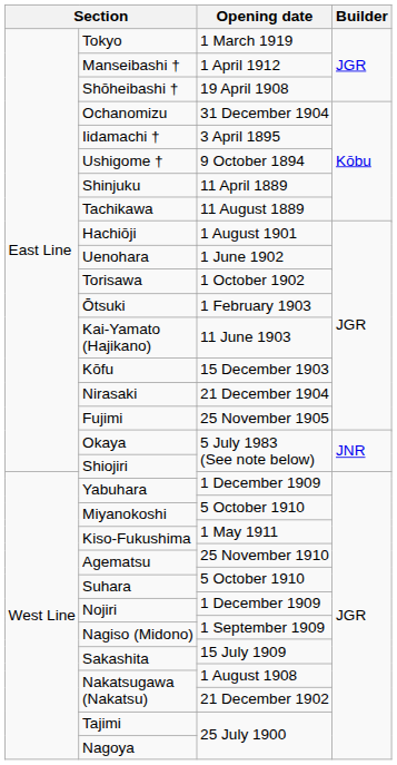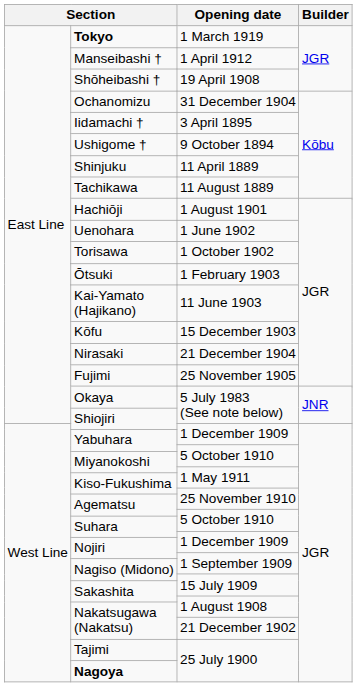 <table class=wikitable>
 <tr>
 <th colspan=2>Section</th>
 <th>Opening date</th>
 <th>Builder</th>
 </tr>
 <tr>
 <td rowspan=34>East Line</td>
-<td>Tokyo</td>
+<td><strong>Tokyo</strong></td>
 <td rowspan=2>1 March 1919</td>
 <td rowspan=6><a href='#'>JGR</a></td>
 </tr>
 <tr>
 <td rowspan=2>Manseibashi †</td>
 </tr>
 <tr>
 <td rowspan=2>1 April 1912</td>
 </tr>
 <tr>
 <td rowspan=2>Shōheibashi †</td>
 </tr>
 <tr>
 <td rowspan=2>19 April 1908</td>
 </tr>
 <tr>
 <td rowspan=2>Ochanomizu</td>
 </tr>
 <tr>
 <td rowspan=2>31 December 1904</td>
 <td rowspan=10><a href='#'>Kōbu</a></td>
 </tr>
 <tr>
 <td rowspan=2>Iidamachi †</td>
 </tr>
 <tr>
 <td rowspan=2>3 April 1895</td>
 </tr>
 <tr>
 <td rowspan=2>Ushigome †</td>
 </tr>
 <tr>
 <td rowspan=2>9 October 1894</td>
 </tr>
 <tr>
 <td rowspan=2>Shinjuku</td>
 </tr>
 <tr>
 <td rowspan=2>11 April 1889</td>
 </tr>
 <tr>
 <td rowspan=2>Tachikawa</td>
 </tr>
 <tr>
 <td rowspan=2>11 August 1889</td>
 </tr>
 <tr>
 <td rowspan=2>Hachiōji</td>
 </tr>
 <tr>
 <td rowspan=2>1 August 1901</td>
 <td rowspan=16>JGR</td>
 </tr>
 <tr>
 <td rowspan=2>Uenohara</td>
 </tr>
 <tr>
 <td rowspan=2>1 June 1902</td>
 </tr>
 <tr>
 <td rowspan=2>Torisawa</td>
 </tr>
 <tr>
 <td rowspan=2>1 October 1902</td>
 </tr>
 <tr>
 <td rowspan=2>Ōtsuki</td>
 </tr>
 <tr>
 <td rowspan=2>1 February 1903</td>
 </tr>
 <tr>
 <td rowspan=2>Kai-Yamato<br>(Hajikano)</td>
 </tr>
 <tr>
 <td rowspan=2>11 June 1903</td>
 </tr>
 <tr>
 <td rowspan=2>Kōfu</td>
 </tr>
 <tr>
 <td rowspan=2>15 December 1903</td>
 </tr>
 <tr>
 <td rowspan=2>Nirasaki</td>
 </tr>
 <tr>
 <td rowspan=2>21 December 1904</td>
 </tr>
 <tr>
 <td rowspan=2>Fujimi</td>
 </tr>
 <tr>
 <td rowspan=2>25 November 1905</td>
 </tr>
 <tr>
 <td rowspan=2>Okaya</td>
 </tr>
 <tr>
 <td rowspan=2>5 July 1983<br>(See note below)</td>
 <td rowspan=2><a href='#'>JNR</a></td>
 </tr>
 <tr>
 <td rowspan=2>Shiojiri</td>
 </tr>
 <tr>
 <td rowspan=22>West Line</td>
 <td rowspan=2>1 December 1909</td>
 <td rowspan=22>JGR</td>
 </tr>
 <tr>
 <td rowspan=2>Yabuhara</td>
 </tr>
 <tr>
 <td rowspan=2>5 October 1910</td>
 </tr>
 <tr>
 <td rowspan=2>Miyanokoshi</td>
 </tr>
 <tr>
 <td rowspan=2>1 May 1911</td>
 </tr>
 <tr>
 <td rowspan=2>Kiso-Fukushima</td>
 </tr>
 <tr>
 <td rowspan=2>25 November 1910</td>
 </tr>
 <tr>
 <td rowspan=2>Agematsu</td>
 </tr>
 <tr>
 <td rowspan=2>5 October 1910</td>
 </tr>
 <tr>
 <td rowspan=2>Suhara</td>
 </tr>
 <tr>
 <td rowspan=2>1 December 1909</td>
 </tr>
 <tr>
 <td rowspan=2>Nojiri</td>
 </tr>
 <tr>
 <td rowspan=2>1 September 1909</td>
 </tr>
 <tr>
 <td rowspan=2>Nagiso (Midono)</td>
 </tr>
 <tr>
 <td rowspan=2>15 July 1909</td>
 </tr>
 <tr>
 <td rowspan=2>Sakashita</td>
 </tr>
 <tr>
 <td rowspan=2>1 August 1908</td>
 </tr>
 <tr>
 <td rowspan=2>Nakatsugawa<br>(Nakatsu)</td>
 </tr>
 <tr>
 <td rowspan=2>21 December 1902</td>
 </tr>
 <tr>
 <td rowspan=2>Tajimi</td>
 </tr>
 <tr>
 <td rowspan=2>25 July 1900</td>
 </tr>
 <tr>
-<td>Nagoya</td>
+<td><strong>Nagoya</strong></td>
 </tr>
 </table>
